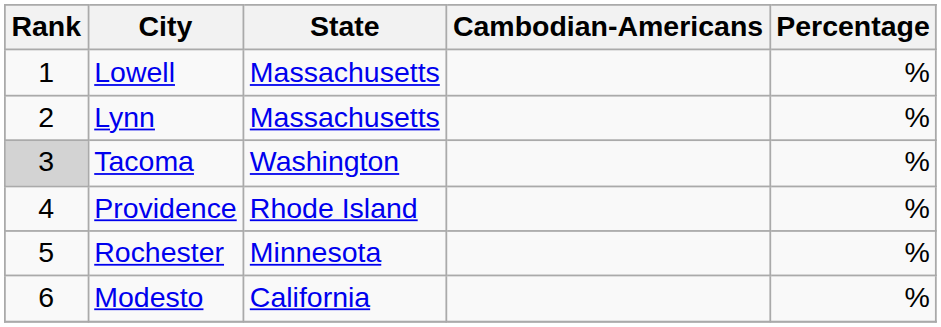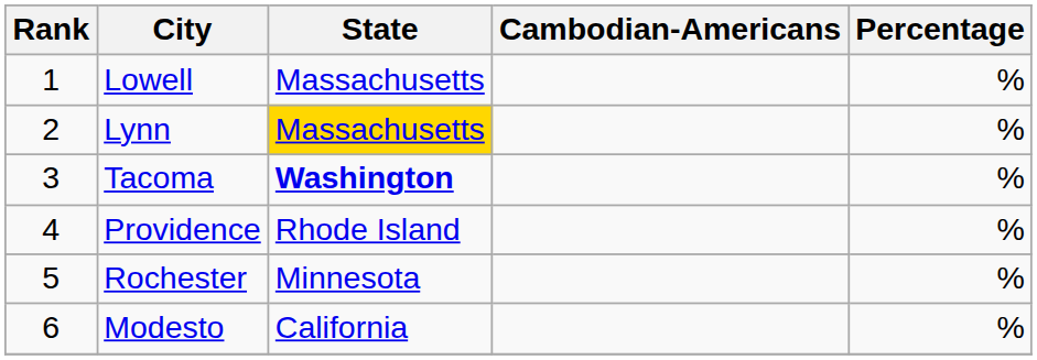 <table class="wikitable sortable">
 <tr>
 <th>Rank</th>
 <th>City</th>
 <th>State</th>
 <th>Cambodian-Americans</th>
 <th>Percentage</th>
 </tr>
 <tr>
 <td align=center>1</td>
 <td><a href='#'>Lowell</a></td>
 <td><a href='#'>Massachusetts</a></td>
 <td align=right></td>
 <td align=right>%</td>
 </tr>
 <tr>
 <td align=center>2</td>
 <td><a href='#'>Lynn</a></td>
-<td><a href='#'>Massachusetts</a></td>
+<td style="background: gold;"><a href='#'>Massachusetts</a></td>
 <td align=right></td>
 <td align=right>%</td>
 </tr>
 <tr>
-<td align=center style="background: lightgrey;">3</td>
+<td align=center>3</td>
 <td><a href='#'>Tacoma</a></td>
-<td><a href='#'>Washington</a></td>
+<td><strong><a href='#'>Washington</a></strong></td>
 <td align=right></td>
 <td align=right>%</td>
 </tr>
 <tr>
 <td align=center>4</td>
 <td><a href='#'>Providence</a></td>
 <td><a href='#'>Rhode Island</a></td>
 <td align=right></td>
 <td align=right>%</td>
 </tr>
 <tr>
 <td align=center>5</td>
 <td><a href='#'>Rochester</a></td>
 <td><a href='#'>Minnesota</a></td>
 <td align=right></td>
 <td align=right>%</td>
 </tr>
 <tr>
 <td align=center>6</td>
 <td><a href='#'>Modesto</a></td>
 <td><a href='#'>California</a></td>
 <td align=right></td>
 <td align=right>%</td>
 </tr>
 <tr>
 </tr>
 </table>
